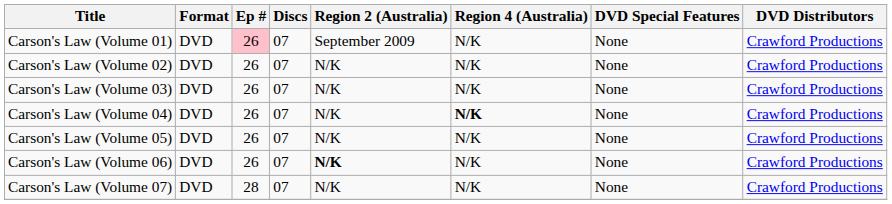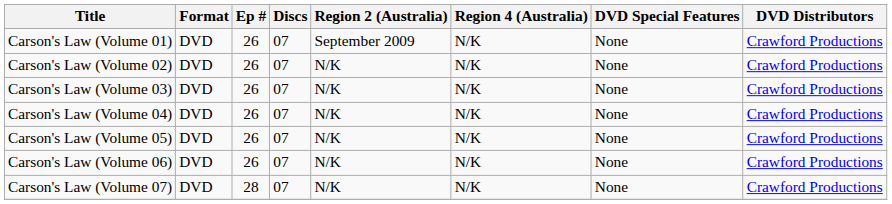 <table class="wikitable">
 <tr>
 <th>Title</th>
 <th>Format</th>
 <th>Ep #</th>
 <th>Discs</th>
 <th>Region 2 (Australia)</th>
 <th>Region 4 (Australia)</th>
 <th>DVD Special Features</th>
 <th>DVD Distributors</th>
 </tr>
 <tr>
 <td>Carson's Law (Volume 01)</td>
 <td>DVD</td>
-<td style="background: pink; text-align:center;">26</td>
+<td style="text-align:center;">26</td>
 <td>07</td>
 <td>September 2009</td>
 <td>N/K</td>
 <td>None</td>
 <td><a href='#'>Crawford Productions</a></td>
 </tr>
 <tr>
 <td>Carson's Law (Volume 02)</td>
 <td>DVD</td>
 <td style="text-align:center;">26</td>
 <td>07</td>
 <td>N/K</td>
 <td>N/K</td>
 <td>None</td>
 <td><a href='#'>Crawford Productions</a></td>
 </tr>
 <tr>
 <td>Carson's Law (Volume 03)</td>
 <td>DVD</td>
 <td style="text-align:center;">26</td>
 <td>07</td>
 <td>N/K</td>
 <td>N/K</td>
 <td>None</td>
 <td><a href='#'>Crawford Productions</a></td>
 </tr>
 <tr>
 <td>Carson's Law (Volume 04)</td>
 <td>DVD</td>
 <td style="text-align:center;">26</td>
 <td>07</td>
 <td>N/K</td>
-<td><strong>N/K</strong></td>
+<td>N/K</td>
 <td>None</td>
 <td><a href='#'>Crawford Productions</a></td>
 </tr>
 <tr>
 <td>Carson's Law (Volume 05)</td>
 <td>DVD</td>
 <td style="text-align:center;">26</td>
 <td>07</td>
 <td>N/K</td>
 <td>N/K</td>
 <td>None</td>
 <td><a href='#'>Crawford Productions</a></td>
 </tr>
 <tr>
 <td>Carson's Law (Volume 06)</td>
 <td>DVD</td>
 <td style="text-align:center;">26</td>
 <td>07</td>
-<td><strong>N/K</strong></td>
+<td>N/K</td>
 <td>N/K</td>
 <td>None</td>
 <td><a href='#'>Crawford Productions</a></td>
 </tr>
 <tr>
 <td>Carson's Law (Volume 07)</td>
 <td>DVD</td>
 <td style="text-align:center;">28</td>
 <td>07</td>
 <td>N/K</td>
 <td>N/K</td>
 <td>None</td>
 <td><a href='#'>Crawford Productions</a></td>
 </tr>
 <tr>
 </tr>
 </table>
